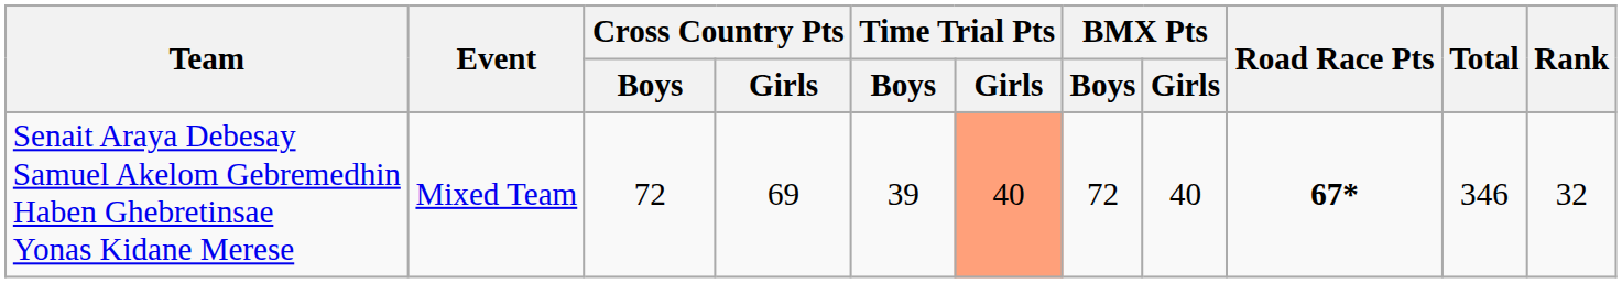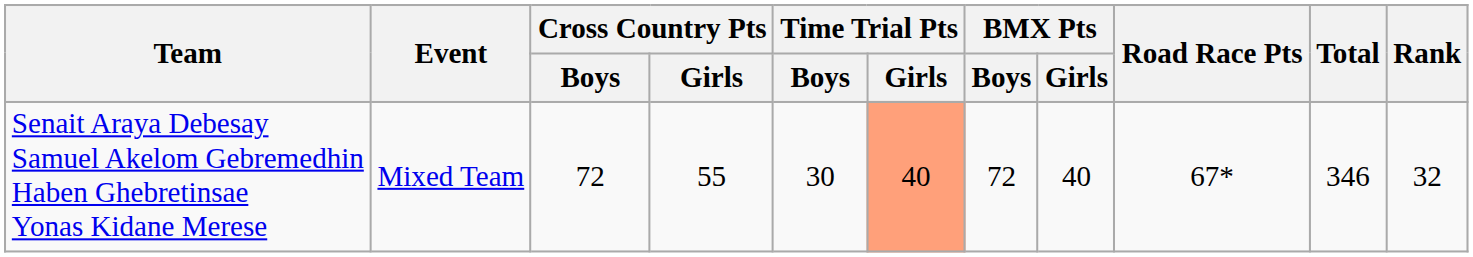 <table class="wikitable" border="1" style="font-size:90%">
 <tr>
 <th rowspan=2>Team</th>
 <th rowspan=2>Event</th>
 <th colspan=2>Cross Country Pts</th>
 <th colspan=2>Time Trial Pts</th>
 <th colspan=2>BMX Pts</th>
 <th rowspan=2>Road Race Pts</th>
 <th rowspan=2>Total</th>
 <th rowspan=2>Rank</th>
 </tr>
 <tr>
 <th>Boys</th>
 <th>Girls</th>
 <th>Boys</th>
 <th>Girls</th>
 <th>Boys</th>
 <th>Girls</th>
 </tr>
 <tr>
 <td><a href='#'>Senait Araya Debesay</a><br><a href='#'>Samuel Akelom Gebremedhin</a><br><a href='#'>Haben Ghebretinsae</a><br><a href='#'>Yonas Kidane Merese</a></td>
 <td><a href='#'>Mixed Team</a></td>
 <td align=center>72</td>
-<td align=center>69</td>
-<td align=center>39</td>
+<td align=center>55</td>
+<td align=center>30</td>
 <td align=center style="background: lightsalmon;">40</td>
 <td align=center>72</td>
 <td align=center>40</td>
-<td align=center><strong>67*</strong></td>
+<td align=center>67*</td>
 <td align=center>346</td>
 <td align=center>32</td>
 </tr>
 </table>
